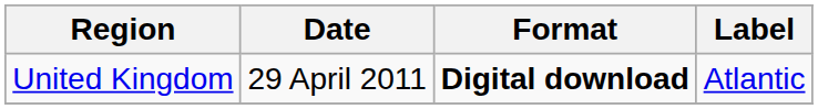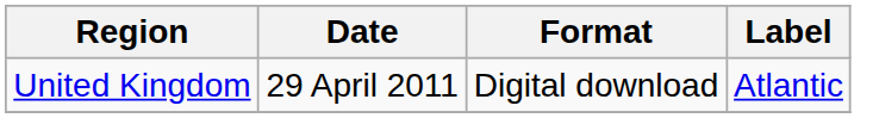 <table class=wikitable>
 <tr>
 <th>Region</th>
 <th>Date</th>
 <th>Format</th>
 <th>Label</th>
 </tr>
 <tr>
 <td><a href='#'>United Kingdom</a></td>
 <td>29 April 2011</td>
-<td><strong>Digital download</strong></td>
+<td>Digital download</td>
 <td><a href='#'>Atlantic</a></td>
 </tr>
 <tr>
 </tr>
 </table>
